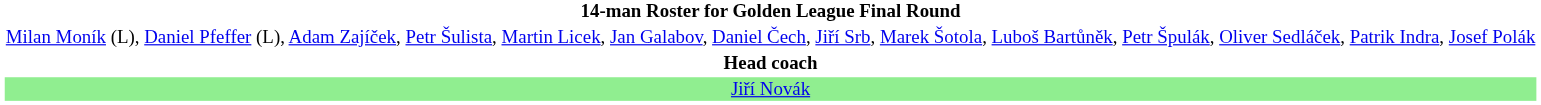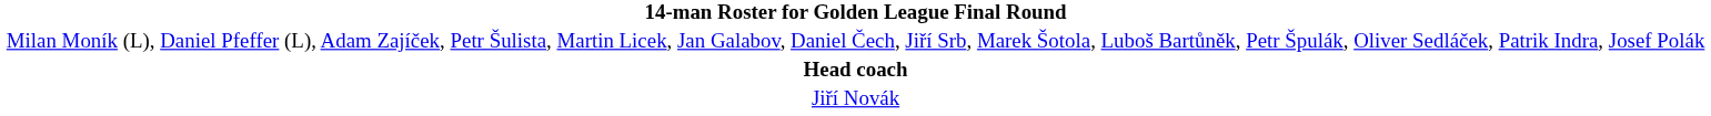 <table style="text-align:center; margin-top:2em; margin-left:auto; margin-right:auto">
 <tr>
 <td><strong>14-man Roster for Golden League Final Round</strong></td>
 </tr>
 <tr>
 <td><a href='#'>Milan Moník</a> (L), <a href='#'>Daniel Pfeffer</a> (L), <a href='#'>Adam Zajíček</a>, <a href='#'>Petr Šulista</a>, <a href='#'>Martin Licek</a>, <a href='#'>Jan Galabov</a>, <a href='#'>Daniel Čech</a>, <a href='#'>Jiří Srb</a>, <a href='#'>Marek Šotola</a>, <a href='#'>Luboš Bartůněk</a>, <a href='#'>Petr Špulák</a>, <a href='#'>Oliver Sedláček</a>, <a href='#'>Patrik Indra</a>, <a href='#'>Josef Polák</a></td>
 </tr>
 <tr>
 <td><strong>Head coach</strong></td>
 </tr>
 <tr>
-<td style="background: lightgreen;"><a href='#'>Jiří Novák</a></td>
+<td><a href='#'>Jiří Novák</a></td>
 </tr>
 </table>
